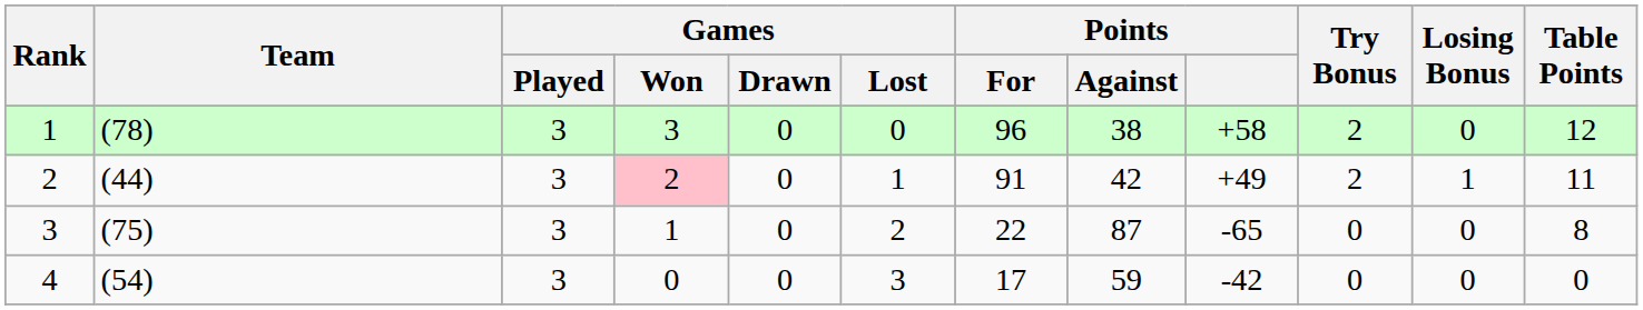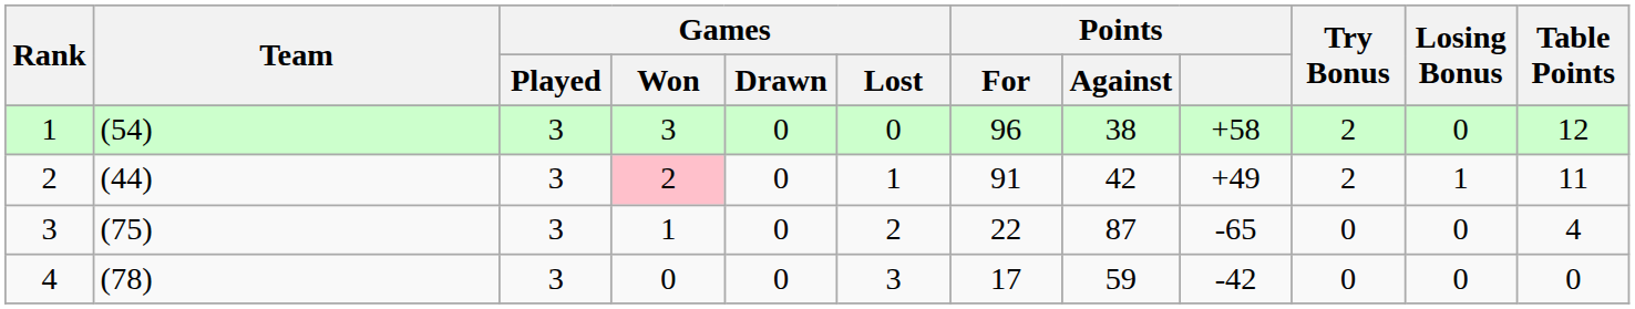 <table class="wikitable"  style="text-align: center;">
 <tr>
 <th rowspan="2" width="20">Rank</th>
 <th rowspan="2" width="200">Team</th>
 <th colspan="4">Games</th>
 <th colspan="3">Points</th>
 <th rowspan="2" width="50">Try Bonus</th>
 <th rowspan="2" width="50">Losing Bonus</th>
 <th rowspan="2" width="50">Table Points</th>
 </tr>
 <tr>
 <th width="50">Played</th>
 <th width="50">Won</th>
 <th width="50">Drawn</th>
 <th width="50">Lost</th>
 <th width="50">For</th>
 <th width="50">Against</th>
 <th width="50"></th>
 </tr>
 <tr bgcolor="#ccffcc">
 <td>1</td>
-<td align="left"> (78)</td>
+<td align="left"> (54)</td>
 <td>3</td>
 <td>3</td>
 <td>0</td>
 <td>0</td>
 <td>96</td>
 <td>38</td>
 <td>+58</td>
 <td>2</td>
 <td>0</td>
 <td>12</td>
 </tr>
 <tr>
 <td>2</td>
 <td align="left"> (44)</td>
 <td>3</td>
 <td style="background: pink;">2</td>
 <td>0</td>
 <td>1</td>
 <td>91</td>
 <td>42</td>
 <td>+49</td>
 <td>2</td>
 <td>1</td>
 <td>11</td>
 </tr>
 <tr>
 <td>3</td>
 <td align="left"> (75)</td>
 <td>3</td>
 <td>1</td>
 <td>0</td>
 <td>2</td>
 <td>22</td>
 <td>87</td>
 <td>-65</td>
 <td>0</td>
 <td>0</td>
-<td>8</td>
+<td>4</td>
 </tr>
 <tr>
 <td>4</td>
-<td align="left"> (54)</td>
+<td align="left"> (78)</td>
 <td>3</td>
 <td>0</td>
 <td>0</td>
 <td>3</td>
 <td>17</td>
 <td>59</td>
 <td>-42</td>
 <td>0</td>
 <td>0</td>
 <td>0</td>
 </tr>
 </table>
